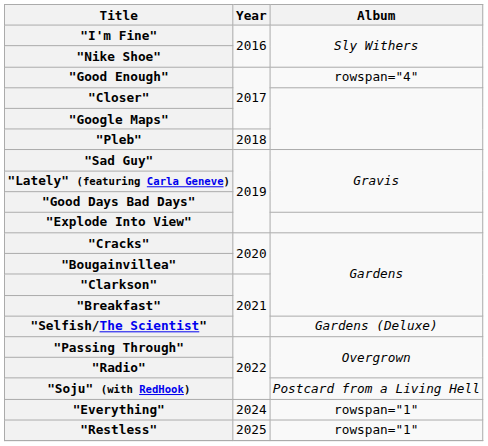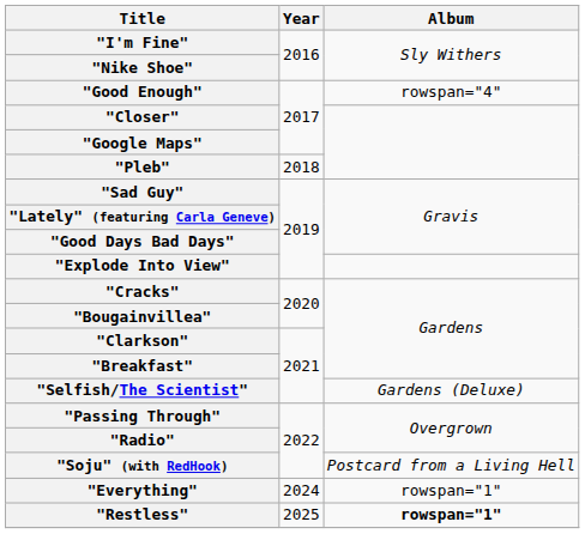 <table class="wikitable plainrowheaders" style="text-align:center;">
 <tr>
 <th scope="col" rowspan="1">Title</th>
 <th scope="col" rowspan="1">Year</th>
 <th scope="col" colspan="1">Album</th>
 </tr>
 <tr>
 <th scope="row">"I'm Fine"</th>
 <td rowspan="2">2016</td>
 <td rowspan="2"><em>Sly Withers</em></td>
 </tr>
 <tr>
 <th scope="row">"Nike Shoe"</th>
 </tr>
 <tr>
 <th scope="row">"Good Enough"</th>
 <td rowspan="3">2017</td>
 <td>rowspan="4" </td>
 </tr>
 <tr>
 <th scope="row">"Closer"</th>
 </tr>
 <tr>
 <th scope="row">"Google Maps"</th>
 </tr>
 <tr>
 <th scope="row">"Pleb"</th>
 <td>2018</td>
 </tr>
 <tr>
 <th scope="row">"Sad Guy"</th>
 <td rowspan="4">2019</td>
 <td rowspan="3"><em>Gravis</em></td>
 </tr>
 <tr>
 <th scope="row">"Lately" <small>(featuring <a href='#'>Carla Geneve</a>)</small></th>
 </tr>
 <tr>
 <th scope="row">"Good Days Bad Days"</th>
 </tr>
 <tr>
 <th scope="row">"Explode Into View"</th>
 <td></td>
 </tr>
 <tr>
 <th scope="row">"Cracks"</th>
 <td rowspan="2">2020</td>
 <td rowspan="4"><em>Gardens</em></td>
 </tr>
 <tr>
 <th scope="row">"Bougainvillea"</th>
 </tr>
 <tr>
 <th scope="row">"Clarkson"</th>
 <td rowspan="3">2021</td>
 </tr>
 <tr>
 <th scope="row">"Breakfast"</th>
 </tr>
 <tr>
 <th scope="row">"Selfish/<a href='#'>The Scientist</a>"</th>
 <td><em>Gardens (Deluxe)</em></td>
 </tr>
 <tr>
 <th scope="row">"Passing Through"</th>
 <td rowspan="3">2022</td>
 <td rowspan="2"><em>Overgrown</em></td>
 </tr>
 <tr>
 <th scope="row">"Radio"</th>
 </tr>
 <tr>
 <th scope="row">"Soju" <small>(with <a href='#'>RedHook</a>)</small></th>
 <td><em>Postcard from a Living Hell</em></td>
 </tr>
 <tr>
 <th scope="row">"Everything"</th>
 <td rowspan="1">2024</td>
 <td>rowspan="1" </td>
 </tr>
 <tr>
 <th scope="row">"Restless"</th>
 <td rowspan="1">2025</td>
-<td>rowspan="1" </td>
+<td><strong>rowspan="1" </strong></td>
 </tr>
 <tr>
 </tr>
 </table>
